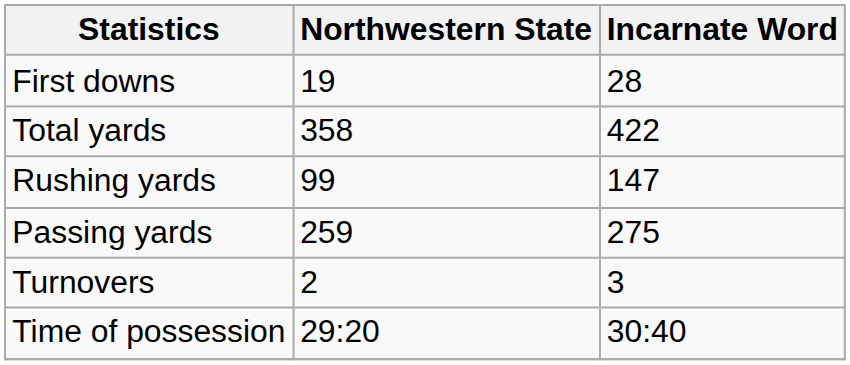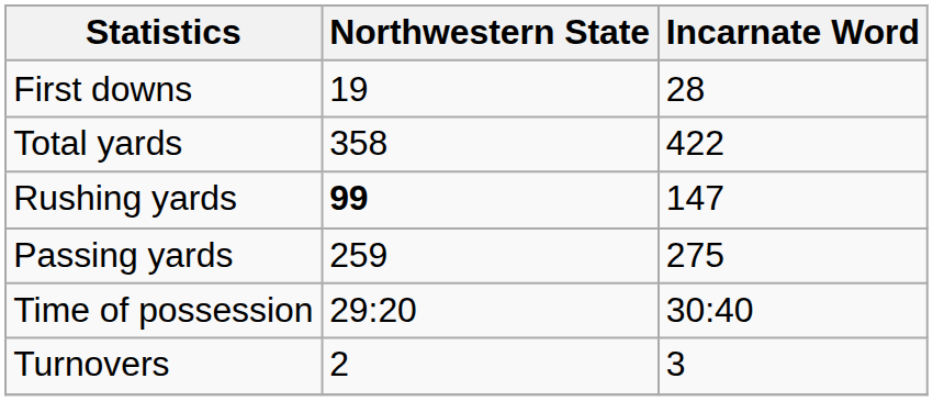 <table class="wikitable">
 <tr>
 <th>Statistics</th>
 <th>Northwestern State</th>
 <th>Incarnate Word</th>
 </tr>
 <tr>
 <td>First downs</td>
 <td>19</td>
 <td>28</td>
 </tr>
 <tr>
 <td>Total yards</td>
 <td>358</td>
 <td>422</td>
 </tr>
 <tr>
 <td>Rushing yards</td>
-<td>99</td>
+<td><strong>99</strong></td>
 <td>147</td>
 </tr>
 <tr>
 <td>Passing yards</td>
 <td>259</td>
 <td>275</td>
 </tr>
 <tr>
+<td>Time of possession</td>
+<td>29:20</td>
+<td>30:40</td>
+</tr>
+<tr>
 <td>Turnovers</td>
 <td>2</td>
 <td>3</td>
 </tr>
 <tr>
-<td>Time of possession</td>
-<td>29:20</td>
-<td>30:40</td>
-</tr>
-<tr>
 </tr>
 </table>
